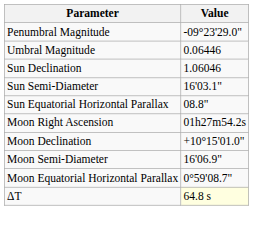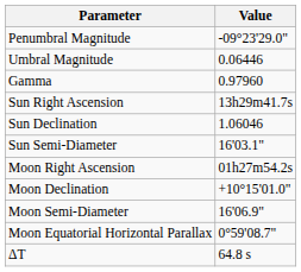 <table class="wikitable">
 <tr>
 <th>Parameter</th>
 <th>Value</th>
 </tr>
 <tr>
 <td>Penumbral Magnitude</td>
 <td>-09°23'29.0"</td>
 </tr>
 <tr>
 <td>Umbral Magnitude</td>
 <td>0.06446</td>
 </tr>
 <tr>
+<td>Gamma</td>
+<td>0.97960</td>
+</tr>
+<tr>
+<td>Sun Right Ascension</td>
+<td>13h29m41.7s</td>
+</tr>
+<tr>
 <td>Sun Declination</td>
 <td>1.06046</td>
 </tr>
 <tr>
 <td>Sun Semi-Diameter</td>
 <td>16'03.1"</td>
-</tr>
-<tr>
-<td>Sun Equatorial Horizontal Parallax</td>
-<td>08.8"</td>
 </tr>
 <tr>
 <td>Moon Right Ascension</td>
 <td>01h27m54.2s</td>
 </tr>
 <tr>
 <td>Moon Declination</td>
 <td>+10°15'01.0"</td>
 </tr>
 <tr>
 <td>Moon Semi-Diameter</td>
 <td>16'06.9"</td>
 </tr>
 <tr>
 <td>Moon Equatorial Horizontal Parallax</td>
 <td>0°59'08.7"</td>
 </tr>
 <tr>
 <td>ΔT</td>
-<td style="background: lightyellow;">64.8 s</td>
+<td>64.8 s</td>
 </tr>
 </table>
